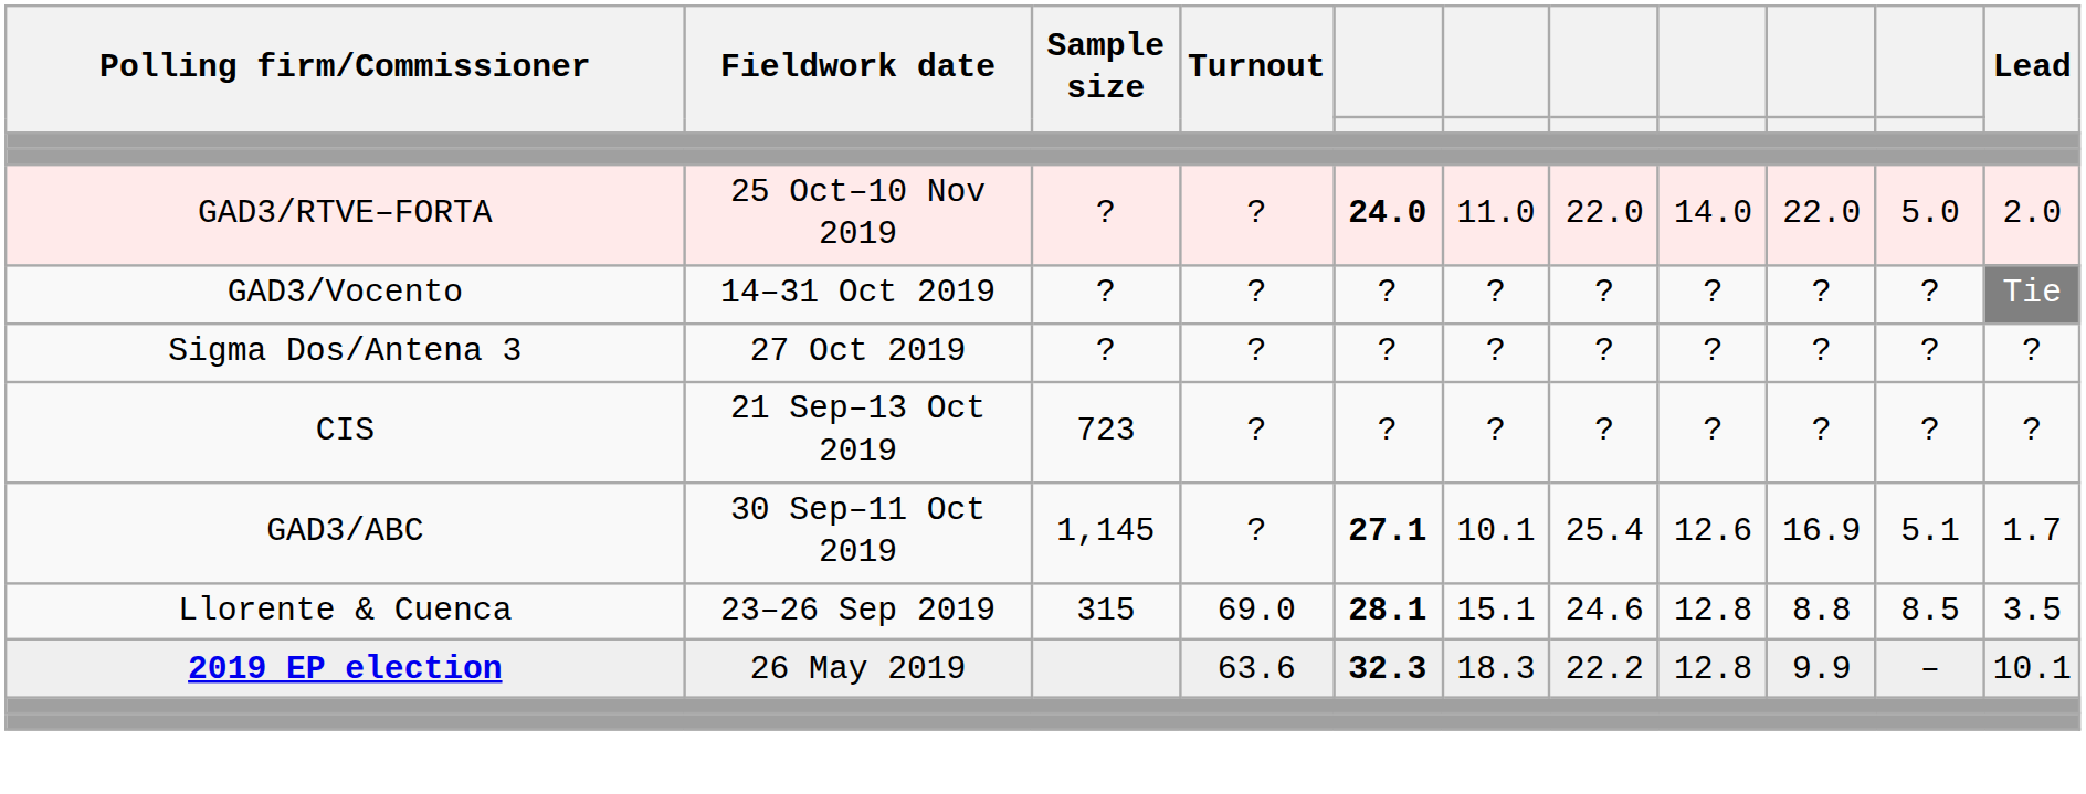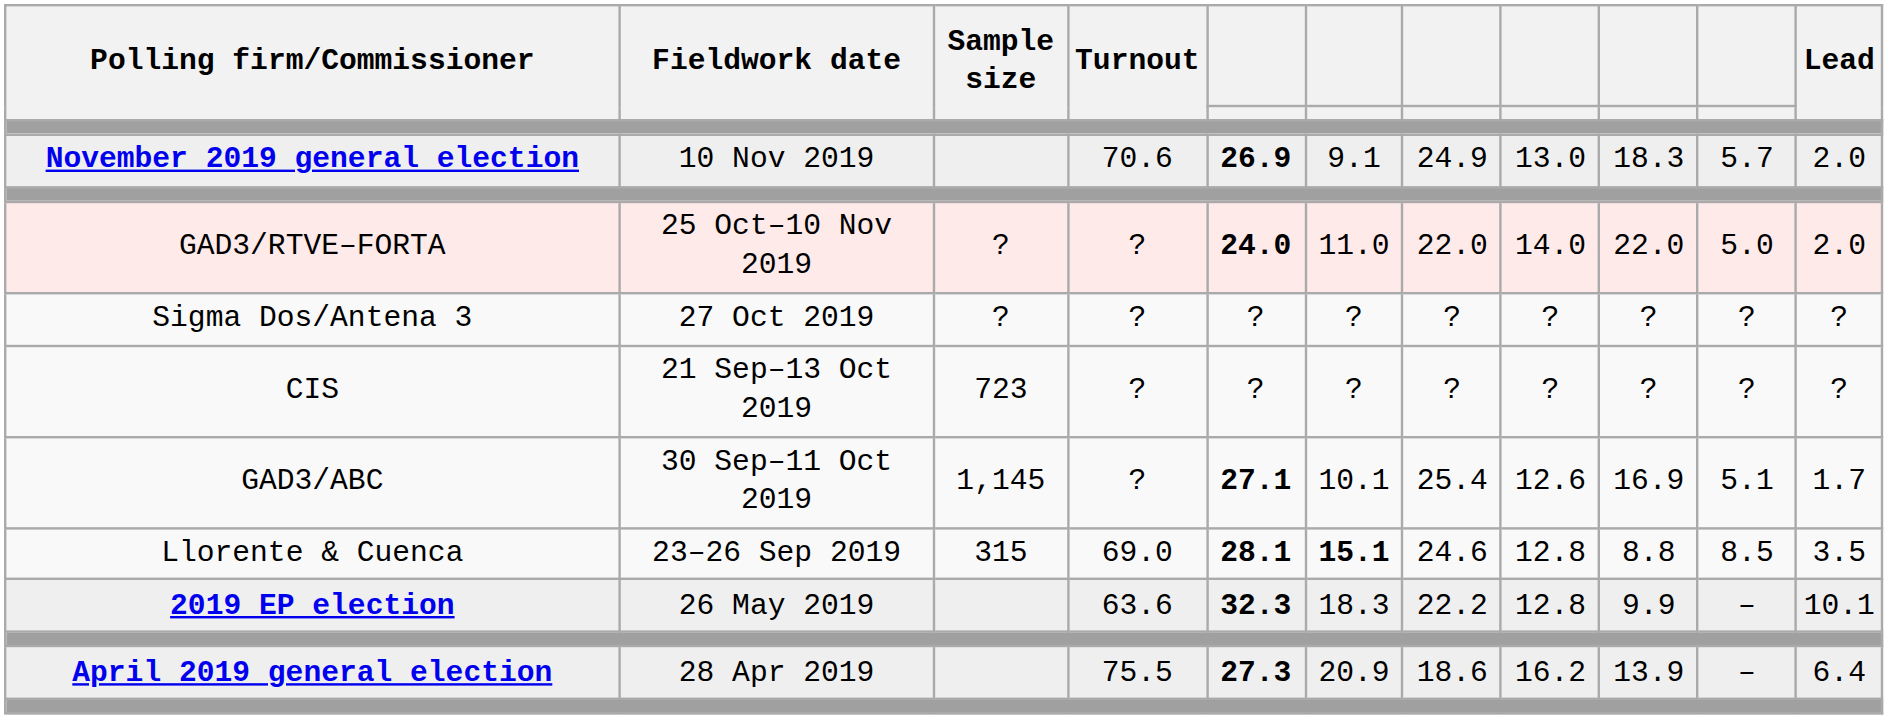 <table class="wikitable collapsible collapsed" style="text-align:center; font-size:95%; line-height:16px;">
 <tr style="height:42px;">
 <th style="width:250px;" rowspan="2">Polling firm/Commissioner</th>
 <th style="width:125px;" rowspan="2">Fieldwork date</th>
 <th style="width:50px;" rowspan="2">Sample size</th>
 <th style="width:45px;" rowspan="2">Turnout</th>
 <th style="width:35px;"></th>
 <th style="width:35px;"></th>
 <th style="width:35px;"></th>
 <th style="width:35px;"></th>
 <th style="width:35px;"></th>
 <th style="width:35px;"></th>
 <th style="width:30px;" rowspan="2">Lead</th>
 </tr>
 <tr>
 <th style="color:inherit;background:"></th>
 <th style="color:inherit;background:"></th>
 <th style="color:inherit;background:"></th>
 <th style="color:inherit;background:"></th>
 <th style="color:inherit;background:"></th>
 <th style="color:inherit;background:"></th>
 </tr>
 <tr>
 <td colspan="11" style="background:#A0A0A0"></td>
 </tr>
+<tr style="background:#EFEFEF;">
+<td><strong><a href='#'>November 2019 general election</a></strong></td>
+<td>10 Nov 2019</td>
+<td></td>
+<td>70.6</td>
+<td><strong>26.9</strong><br></td>
+<td>9.1<br></td>
+<td>24.9<br></td>
+<td>13.0<br></td>
+<td>18.3<br></td>
+<td>5.7<br></td>
+<td style="background:">2.0</td>
+</tr>
 <tr>
 <td colspan="11" style="background:#A0A0A0"></td>
 </tr>
 <tr style="background:#FFEAEA;">
 <td>GAD3/RTVE–FORTA</td>
 <td>25 Oct–10 Nov 2019</td>
 <td>?</td>
 <td>?</td>
 <td><strong>24.0</strong><br></td>
 <td>11.0<br></td>
 <td>22.0<br></td>
 <td>14.0<br></td>
 <td>22.0<br></td>
 <td>5.0<br></td>
 <td style="background:">2.0</td>
-</tr>
-<tr>
-<td>GAD3/Vocento</td>
-<td>14–31 Oct 2019</td>
-<td>?</td>
-<td>?</td>
-<td>?<br></td>
-<td>?<br></td>
-<td>?<br></td>
-<td>?<br></td>
-<td>?<br></td>
-<td>?<br></td>
-<td style="background:gray;color:white;">Tie</td>
 </tr>
 <tr>
 <td>Sigma Dos/Antena 3</td>
 <td>27 Oct 2019</td>
 <td>?</td>
 <td>?</td>
 <td>?<br></td>
 <td>?<br></td>
 <td>?<br></td>
 <td>?<br></td>
 <td>?<br></td>
 <td>?<br></td>
 <td style="background:">?</td>
 </tr>
 <tr>
 <td>CIS</td>
 <td>21 Sep–13 Oct 2019</td>
 <td>723</td>
 <td>?</td>
 <td>?<br></td>
 <td>?<br></td>
 <td>?<br></td>
 <td>?<br></td>
 <td>?<br></td>
 <td>?<br></td>
 <td style="background:">?</td>
 </tr>
 <tr>
 <td>GAD3/ABC</td>
 <td>30 Sep–11 Oct 2019</td>
 <td>1,145</td>
 <td>?</td>
 <td><strong>27.1</strong><br></td>
 <td>10.1<br></td>
 <td>25.4<br></td>
 <td>12.6<br></td>
 <td>16.9<br></td>
 <td>5.1<br></td>
 <td style="background:">1.7</td>
 </tr>
 <tr>
 <td>Llorente & Cuenca</td>
 <td>23–26 Sep 2019</td>
 <td>315</td>
 <td>69.0</td>
 <td><strong>28.1</strong><br></td>
-<td>15.1<br></td>
+<td><strong>15.1<br></strong></td>
 <td>24.6<br></td>
 <td>12.8<br></td>
 <td>8.8<br></td>
 <td>8.5<br></td>
 <td style="background:">3.5</td>
 </tr>
 <tr style="background:#EFEFEF;">
 <td><strong><a href='#'>2019 EP election</a></strong></td>
 <td>26 May 2019</td>
 <td></td>
 <td>63.6</td>
 <td><strong>32.3</strong><br></td>
 <td>18.3<br></td>
 <td>22.2<br></td>
 <td>12.8<br></td>
 <td>9.9<br></td>
 <td>–</td>
 <td style="background:">10.1</td>
 </tr>
 <tr>
 <td colspan="11" style="background:#A0A0A0"></td>
 </tr>
+<tr style="background:#EFEFEF;">
+<td><strong><a href='#'>April 2019 general election</a></strong></td>
+<td>28 Apr 2019</td>
+<td></td>
+<td>75.5</td>
+<td><strong>27.3</strong><br></td>
+<td>20.9<br></td>
+<td>18.6<br></td>
+<td>16.2<br></td>
+<td>13.9<br></td>
+<td>–</td>
+<td style="background:">6.4</td>
+</tr>
 <tr>
 <td colspan="11" style="background:#A0A0A0"></td>
 </tr>
 </table>
